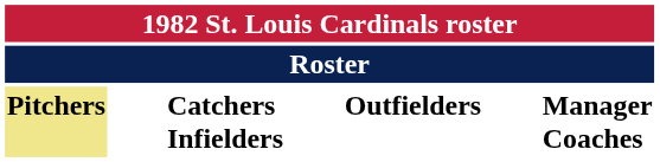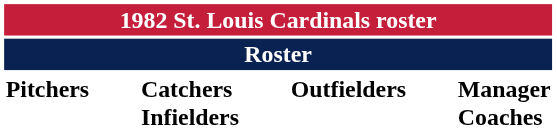 <table class="toccolours" style="font-size: 95%;">
 <tr>
 <th colspan="10" style="background-color: #c41e3a; color: #FFFFFF; text-align: center;">1982 St. Louis Cardinals roster</th>
 </tr>
 <tr>
 <td colspan="10" style="background-color: #0a2252; color: #FFFFFF; text-align: center;"><strong>Roster</strong></td>
 </tr>
 <tr>
-<td valign="top" style="background: khaki;"><strong>Pitchers</strong><br>             </td>
+<td valign="top"><strong>Pitchers</strong><br>             </td>
 <td width="25px"></td>
 <td valign="top"><strong>Catchers</strong><br>    <strong>Infielders</strong>       </td>
 <td width="25px"></td>
 <td valign="top"><strong>Outfielders</strong><br>       </td>
 <td width="25px"></td>
 <td valign="top"><strong>Manager</strong><br> <strong>Coaches</strong>     </td>
 </tr>
 </table>
